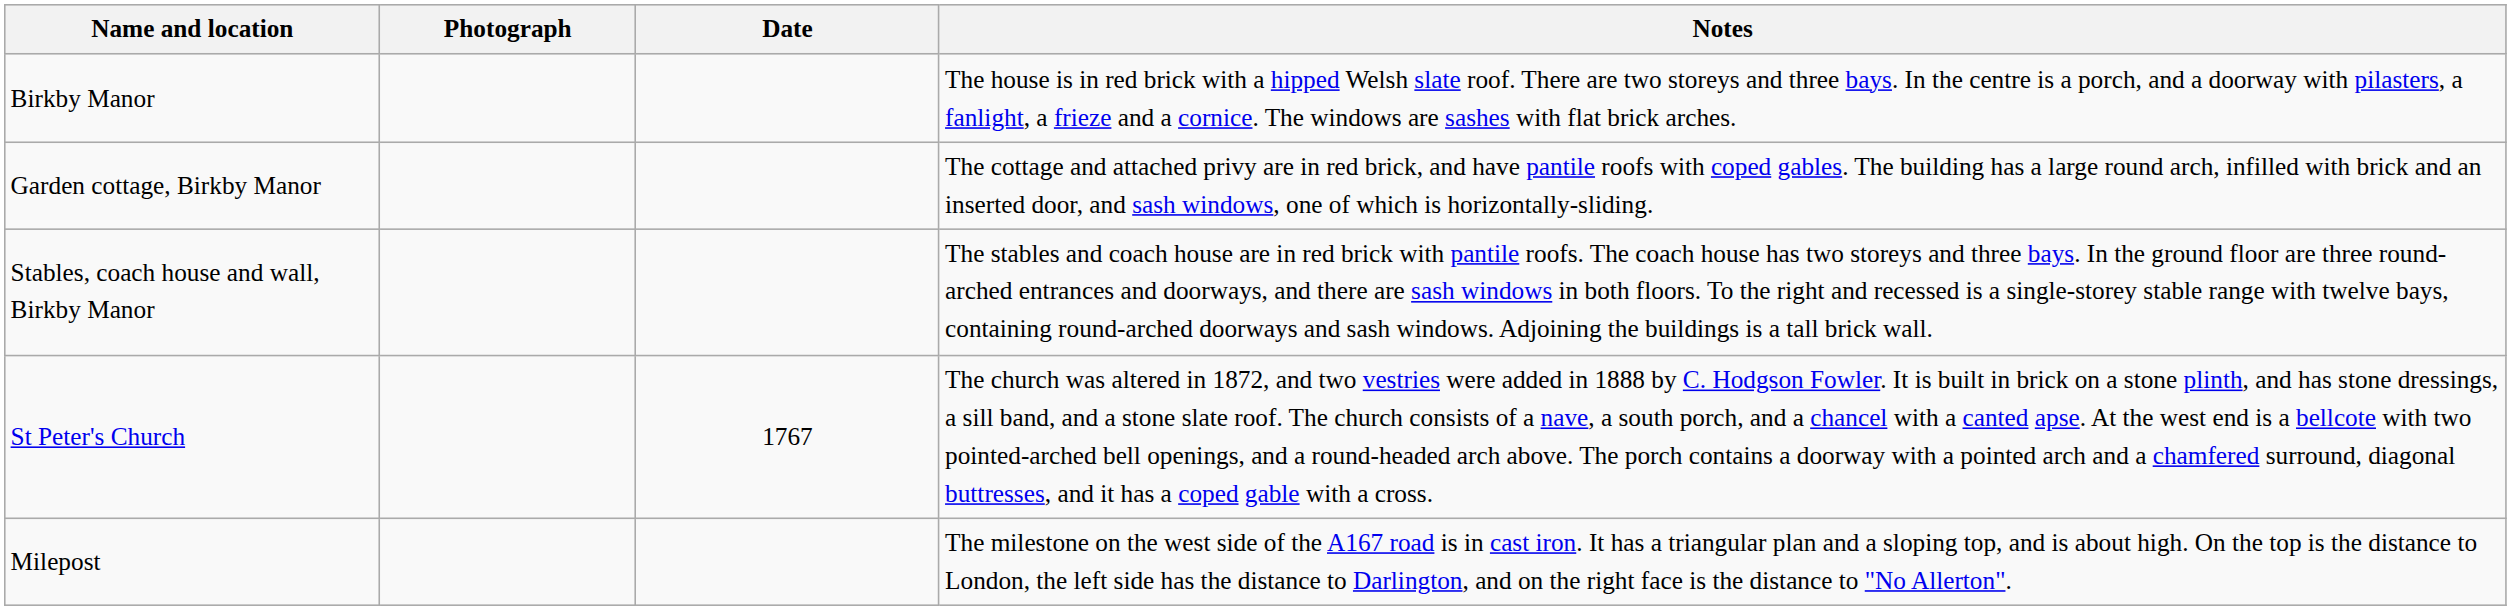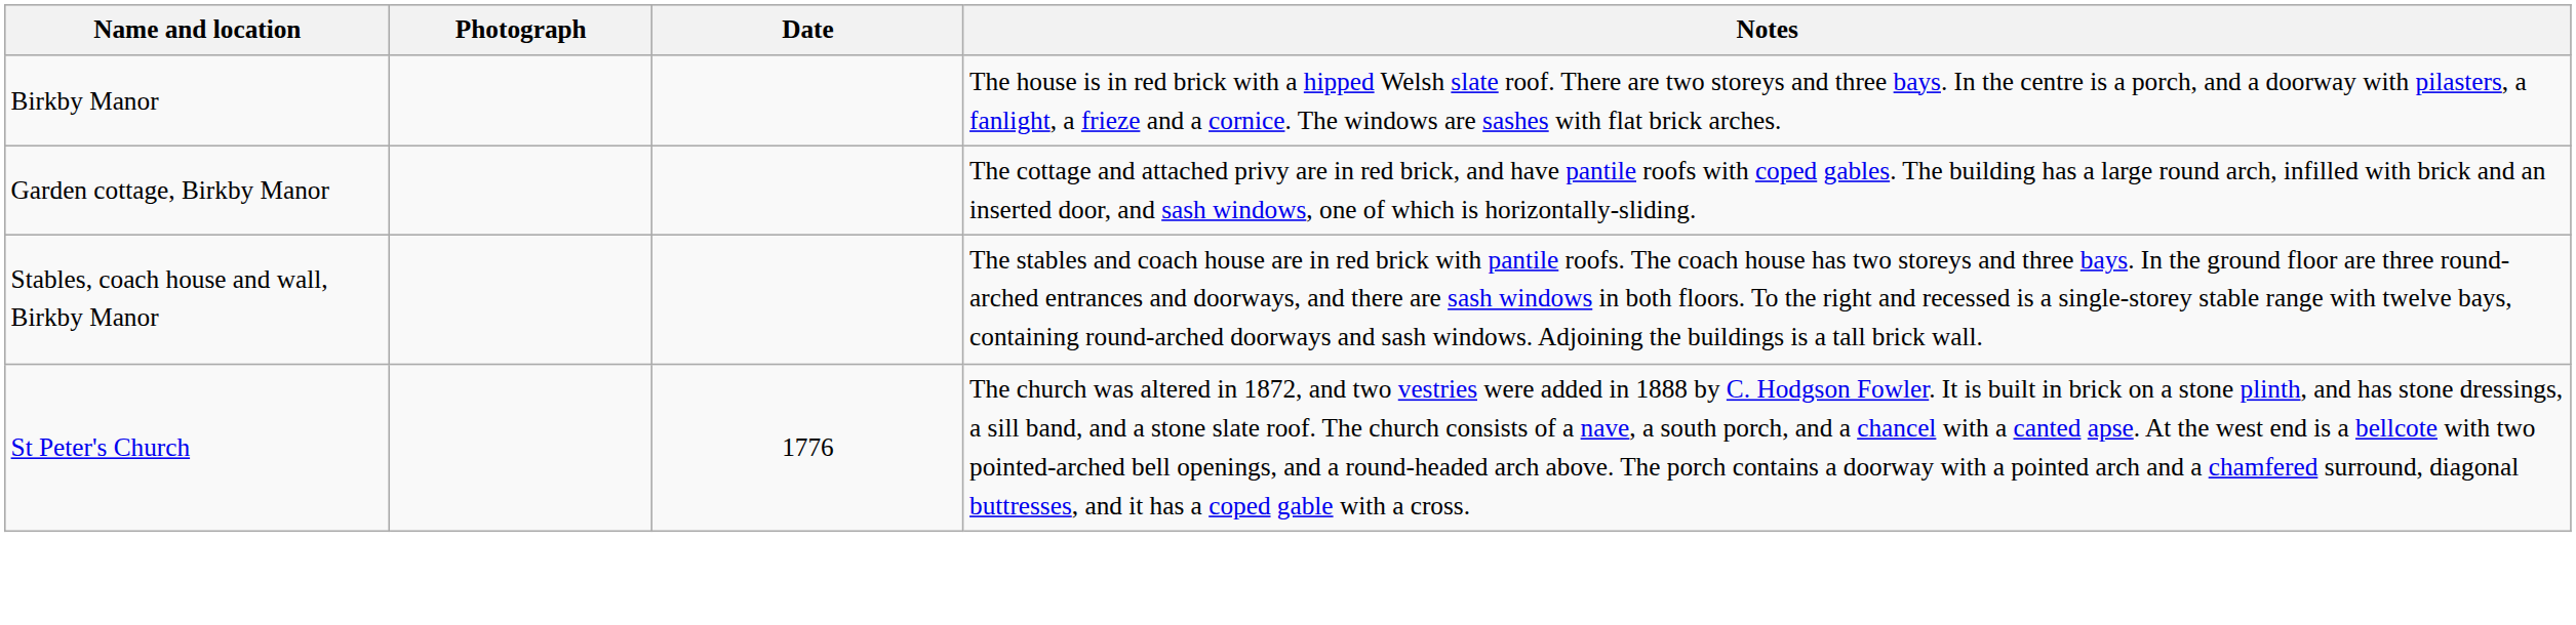 <table class="wikitable sortable plainrowheaders" style="width:100%;border:0px;text-align:left;line-height:150%;">
 <tr>
 <th scope="col"  style="width:150px">Name and location</th>
 <th scope="col"  style="width:100px" class="unsortable">Photograph</th>
 <th scope="col"  style="width:120px">Date</th>
 <th scope="col"  style="width:650px" class="unsortable">Notes</th>
 </tr>
 <tr>
 <td>Birkby Manor<br><small></small></td>
 <td></td>
 <td align="center"></td>
 <td>The house is in red brick with a <a href='#'>hipped</a> Welsh <a href='#'>slate</a> roof.  There are two storeys and three <a href='#'>bays</a>.  In the centre is a porch, and a doorway with <a href='#'>pilasters</a>, a <a href='#'>fanlight</a>, a <a href='#'>frieze</a> and a <a href='#'>cornice</a>.  The windows are <a href='#'>sashes</a> with flat brick arches.</td>
 </tr>
 <tr>
 <td>Garden cottage, Birkby Manor<br><small></small></td>
 <td></td>
 <td align="center"></td>
 <td>The cottage and attached privy are in red brick, and have <a href='#'>pantile</a> roofs with <a href='#'>coped</a> <a href='#'>gables</a>.  The building has a large round arch, infilled with brick and an inserted door, and <a href='#'>sash windows</a>, one of which is horizontally-sliding.</td>
 </tr>
 <tr>
 <td>Stables, coach house and wall,<br>Birkby Manor<br><small></small></td>
 <td></td>
 <td align="center"></td>
 <td>The stables and coach house are in red brick with <a href='#'>pantile</a> roofs.  The coach house has two storeys and three <a href='#'>bays</a>.  In the ground floor are three round-arched entrances and doorways, and there are <a href='#'>sash windows</a> in both floors.  To the right and recessed is a single-storey stable range with twelve bays, containing round-arched doorways and sash windows.  Adjoining the buildings is a tall brick wall.</td>
 </tr>
 <tr>
 <td><a href='#'>St Peter's Church</a><br><small></small></td>
 <td></td>
-<td align="center">1767</td>
+<td align="center">1776</td>
 <td>The church was altered in 1872, and two <a href='#'>vestries</a> were added in 1888 by <a href='#'>C. Hodgson Fowler</a>.  It is built in brick on a stone <a href='#'>plinth</a>, and has stone dressings, a sill band,  and a stone slate roof.  The church consists of a <a href='#'>nave</a>, a south porch, and a <a href='#'>chancel</a> with a <a href='#'>canted</a> <a href='#'>apse</a>.  At the west end is a <a href='#'>bellcote</a> with two pointed-arched bell openings, and a round-headed arch above.  The porch contains a doorway with a pointed arch and a <a href='#'>chamfered</a> surround, diagonal <a href='#'>buttresses</a>, and it has a <a href='#'>coped</a> <a href='#'>gable</a> with a cross.</td>
-</tr>
-<tr>
-<td>Milepost<br><small></small></td>
-<td></td>
-<td align="center"></td>
-<td>The milestone on the west side of the <a href='#'>A167 road</a> is in <a href='#'>cast iron</a>.  It has a triangular plan and a sloping top, and is about  high.  On the top is the distance to London, the left side has the distance to <a href='#'>Darlington</a>, and on the right face is the distance to <a href='#'>"No Allerton"</a>.</td>
 </tr>
 <tr>
 </tr>
 </table>
